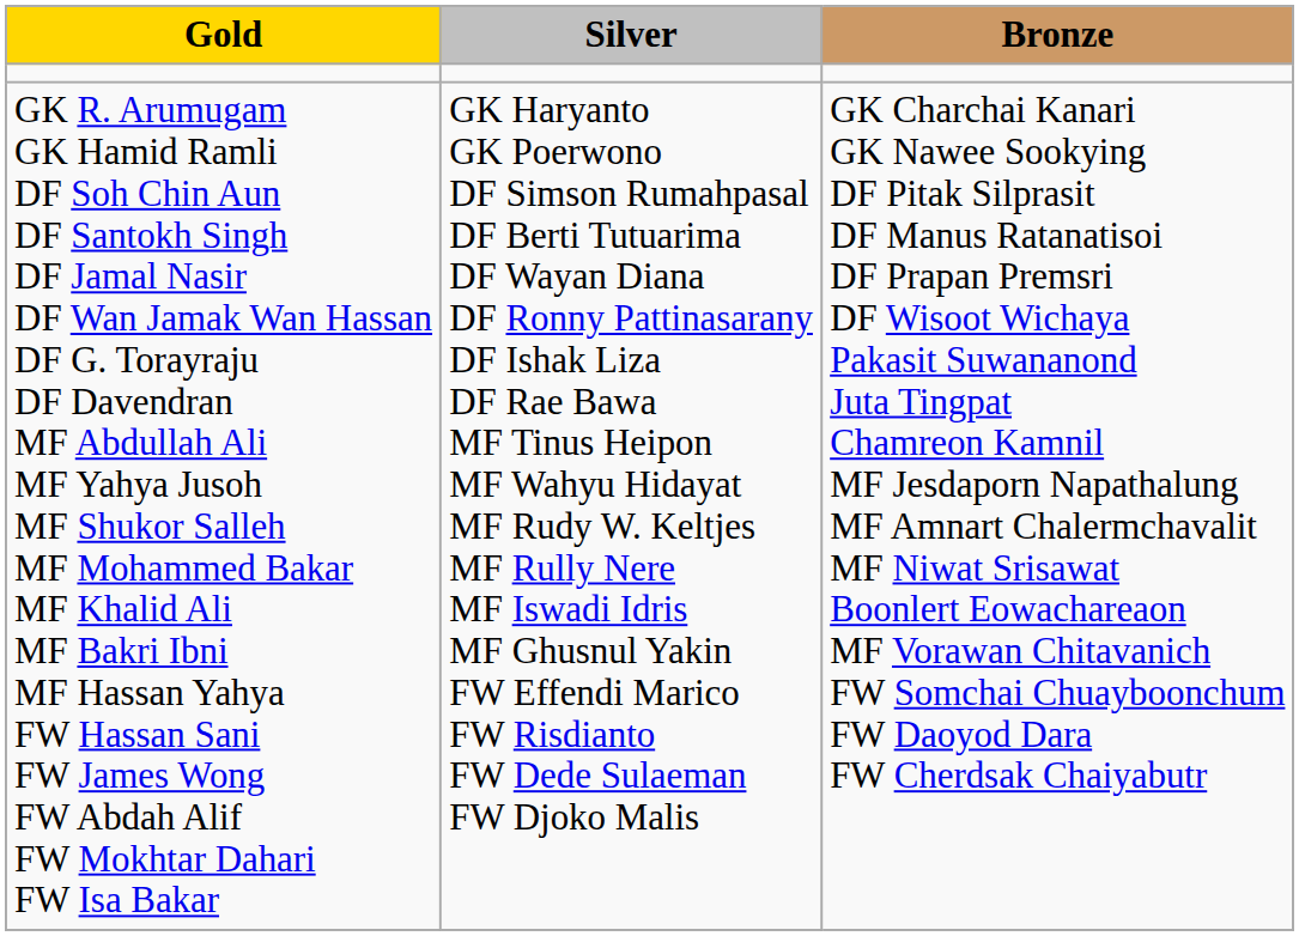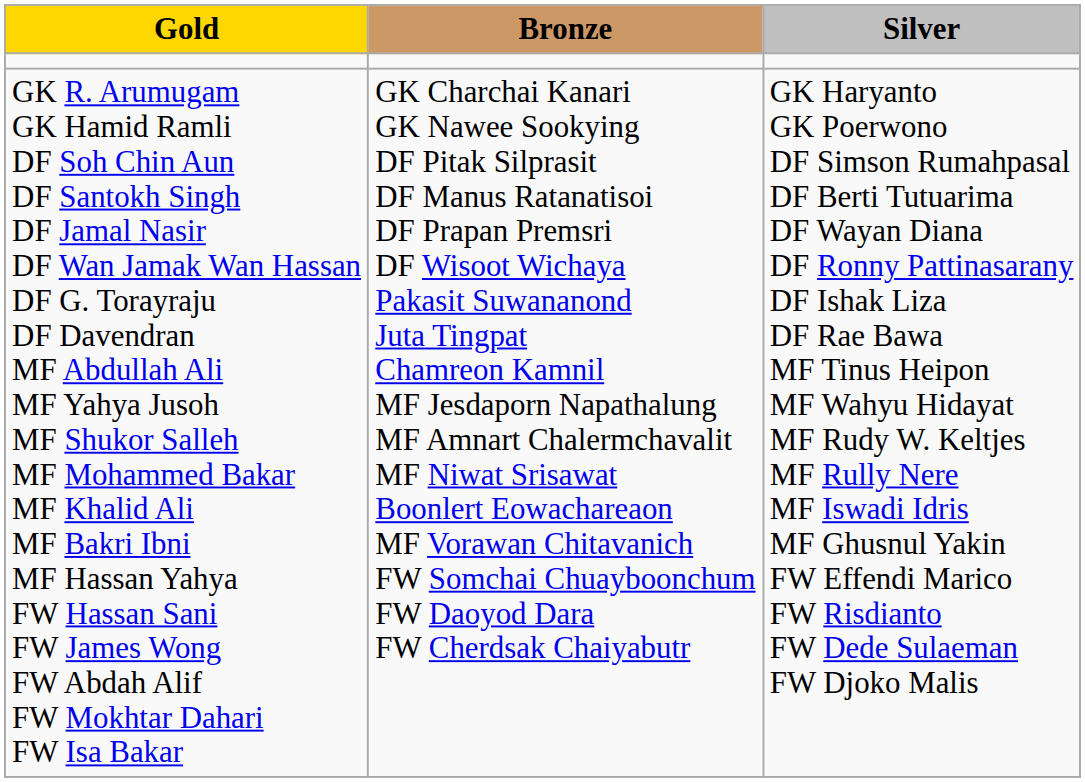 <table class="wikitable">
 <tr>
 <th style="background: gold">Gold</th>
+<th style="background: #cc9966">Bronze</th>
 <th style="background: silver">Silver</th>
-<th style="background: #cc9966">Bronze</th>
 </tr>
 <tr>
 <td align="center"></td>
 <td align="center"></td>
 <td align="center"></td>
 </tr>
 <tr>
 <td valign="top">GK <a href='#'>R. Arumugam</a> <br> GK Hamid Ramli <br> DF <a href='#'>Soh Chin Aun</a> <br> DF <a href='#'>Santokh Singh</a> <br> DF <a href='#'>Jamal Nasir</a> <br> DF <a href='#'>Wan Jamak Wan Hassan</a> <br> DF G. Torayraju <br> DF Davendran <br> MF <a href='#'>Abdullah Ali</a> <br> MF Yahya Jusoh <br> MF <a href='#'>Shukor Salleh</a> <br> MF <a href='#'>Mohammed Bakar</a> <br> MF <a href='#'>Khalid Ali</a> <br> MF <a href='#'>Bakri Ibni</a><br> MF Hassan Yahya <br> FW <a href='#'>Hassan Sani</a> <br> FW <a href='#'>James Wong</a> <br> FW Abdah Alif <br> FW <a href='#'>Mokhtar Dahari</a> <br> FW <a href='#'>Isa Bakar</a></td>
+<td valign="top">GK Charchai Kanari <br> GK Nawee Sookying <br> DF Pitak Silprasit <br> DF Manus Ratanatisoi <br> DF Prapan Premsri <br> DF <a href='#'>Wisoot Wichaya</a> <br> <a href='#'>Pakasit Suwananond</a> <br> <a href='#'>Juta Tingpat</a> <br> <a href='#'>Chamreon Kamnil</a>  <br> MF Jesdaporn Napathalung <br> MF Amnart Chalermchavalit <br> MF <a href='#'>Niwat Srisawat</a> <br> <a href='#'>Boonlert Eowachareaon</a> <br> MF <a href='#'>Vorawan Chitavanich</a> <br> FW <a href='#'>Somchai Chuayboonchum</a> <br> FW <a href='#'>Daoyod Dara</a> <br> FW <a href='#'>Cherdsak Chaiyabutr</a></td>
 <td valign="top">GK Haryanto <br> GK Poerwono <br> DF Simson Rumahpasal <br> DF Berti Tutuarima <br> DF Wayan Diana <br> DF <a href='#'>Ronny Pattinasarany</a> <br> DF Ishak Liza <br> DF Rae Bawa <br> MF Tinus Heipon <br> MF Wahyu Hidayat <br> MF Rudy W. Keltjes <br> MF <a href='#'>Rully Nere</a> <br> MF <a href='#'>Iswadi Idris</a> <br> MF Ghusnul Yakin <br> FW Effendi Marico <br> FW <a href='#'>Risdianto</a> <br> FW <a href='#'>Dede Sulaeman</a><br> FW Djoko Malis</td>
-<td valign="top">GK Charchai Kanari <br> GK Nawee Sookying <br> DF Pitak Silprasit <br> DF Manus Ratanatisoi <br> DF Prapan Premsri <br> DF <a href='#'>Wisoot Wichaya</a> <br> <a href='#'>Pakasit Suwananond</a> <br> <a href='#'>Juta Tingpat</a> <br> <a href='#'>Chamreon Kamnil</a>  <br> MF Jesdaporn Napathalung <br> MF Amnart Chalermchavalit <br> MF <a href='#'>Niwat Srisawat</a> <br> <a href='#'>Boonlert Eowachareaon</a> <br> MF <a href='#'>Vorawan Chitavanich</a> <br> FW <a href='#'>Somchai Chuayboonchum</a> <br> FW <a href='#'>Daoyod Dara</a> <br> FW <a href='#'>Cherdsak Chaiyabutr</a></td>
 </tr>
 </table>
